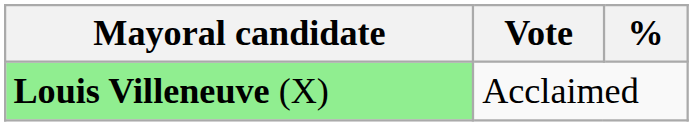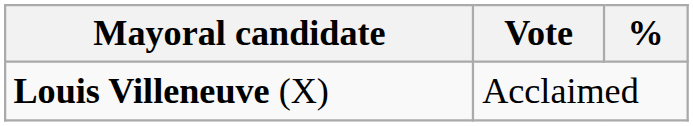 <table class="wikitable">
 <tr>
 <th bgcolor="#DDDDFF" width="200px">Mayoral candidate</th>
 <th bgcolor="#DDDDFF" width="50px">Vote</th>
 <th bgcolor="#DDDDFF" width="30px">%</th>
 </tr>
 <tr>
-<td style="background: lightgreen;"><strong>Louis Villeneuve</strong> (X)</td>
+<td><strong>Louis Villeneuve</strong> (X)</td>
 <td colspan="2">Acclaimed</td>
 </tr>
 </table>
